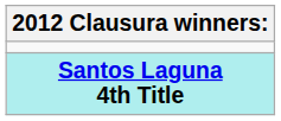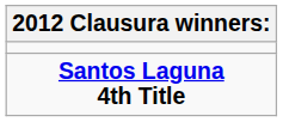 <table class="wikitable" style="text-align: center; margin: 0 auto;">
 <tr>
 <th>2012 Clausura winners:</th>
 </tr>
 <tr>
 <td></td>
 </tr>
 <tr>
-<td style="background: paleturquoise;"><strong><a href='#'>Santos Laguna</a></strong><br><strong>4th Title</strong></td>
+<td><strong><a href='#'>Santos Laguna</a></strong><br><strong>4th Title</strong></td>
 </tr>
 </table>
